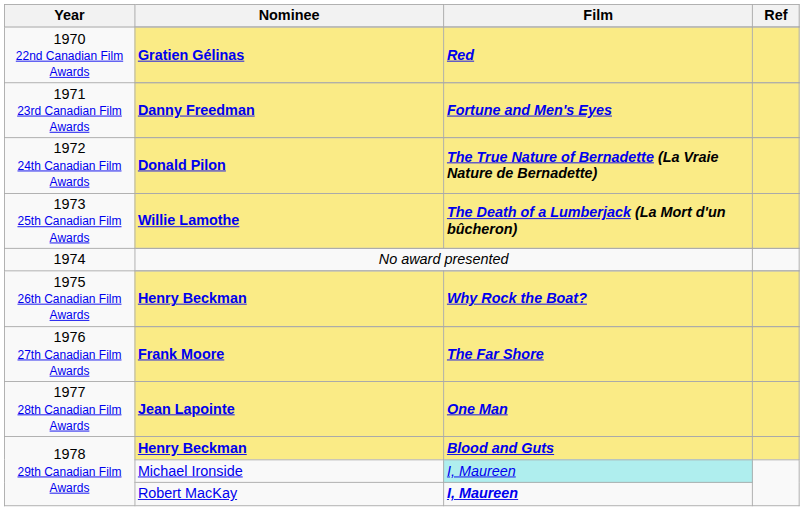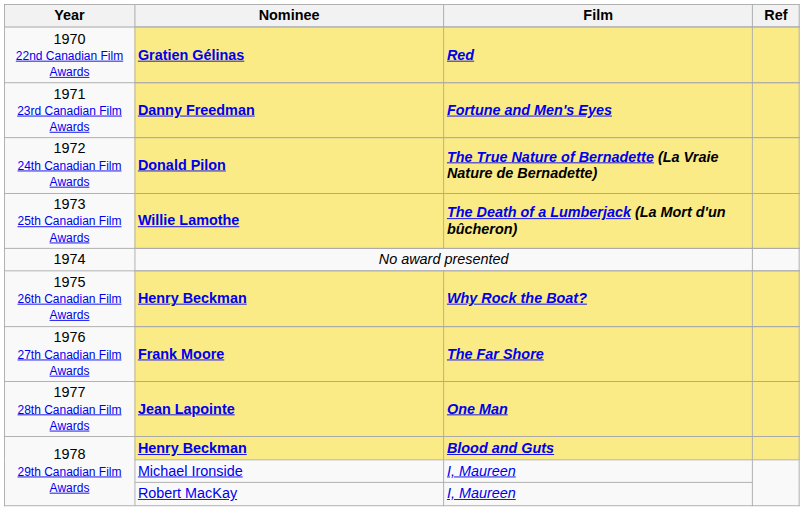 <table class="wikitable" style="width:100%;">
 <tr style="background:#bebebe;">
 <th style="width:8%;">Year</th>
 <th style="width:19%;">Nominee</th>
 <th style="width:19%;">Film</th>
 <th style="width:2%;">Ref</th>
 </tr>
 <tr>
 <td rowspan=2 align="center">1970<br><small><a href='#'>22nd Canadian Film Awards</a></small></td>
 </tr>
 <tr style="background:#FAEB86;">
 <td><strong><a href='#'>Gratien Gélinas</a></strong></td>
 <td><strong><em><a href='#'>Red</a></em></strong></td>
 <td></td>
 </tr>
 <tr>
 <td rowspan=2 align="center">1971<br><small><a href='#'>23rd Canadian Film Awards</a></small></td>
 </tr>
 <tr style="background:#FAEB86;">
 <td><strong><a href='#'>Danny Freedman</a></strong></td>
 <td><strong><em><a href='#'>Fortune and Men's Eyes</a></em></strong></td>
 <td></td>
 </tr>
 <tr>
 <td rowspan=2 align="center">1972<br><small><a href='#'>24th Canadian Film Awards</a></small></td>
 </tr>
 <tr style="background:#FAEB86;">
 <td><strong><a href='#'>Donald Pilon</a></strong></td>
 <td><strong><em><a href='#'>The True Nature of Bernadette</a> (La Vraie Nature de Bernadette)</em></strong></td>
 <td></td>
 </tr>
 <tr>
 <td rowspan=2 align="center">1973<br><small><a href='#'>25th Canadian Film Awards</a></small></td>
 </tr>
 <tr style="background:#FAEB86;">
 <td><strong><a href='#'>Willie Lamothe</a></strong></td>
 <td><strong><em><a href='#'>The Death of a Lumberjack</a> (La Mort d'un bûcheron)</em></strong></td>
 <td></td>
 </tr>
 <tr>
 <td rowspan=2 align="center">1974</td>
 </tr>
 <tr>
 <td colspan=2 align=center><em>No award presented</em></td>
 <td></td>
 </tr>
 <tr>
 <td rowspan=2 align="center">1975<br><small><a href='#'>26th Canadian Film Awards</a></small></td>
 </tr>
 <tr style="background:#FAEB86;">
 <td><strong><a href='#'>Henry Beckman</a></strong></td>
 <td><strong><em><a href='#'>Why Rock the Boat?</a></em></strong></td>
 <td></td>
 </tr>
 <tr>
 <td rowspan=2 align="center">1976<br><small><a href='#'>27th Canadian Film Awards</a></small></td>
 </tr>
 <tr style="background:#FAEB86;">
 <td><strong><a href='#'>Frank Moore</a></strong></td>
 <td><strong><em><a href='#'>The Far Shore</a></em></strong></td>
 <td></td>
 </tr>
 <tr>
 <td rowspan=2 align="center">1977<br><small><a href='#'>28th Canadian Film Awards</a></small></td>
 </tr>
 <tr style="background:#FAEB86;">
 <td><strong><a href='#'>Jean Lapointe</a></strong></td>
 <td><strong><em><a href='#'>One Man</a></em></strong></td>
 <td></td>
 </tr>
 <tr>
 <td rowspan=4 align="center">1978<br><small><a href='#'>29th Canadian Film Awards</a></small></td>
 </tr>
 <tr style="background:#FAEB86;">
 <td><strong><a href='#'>Henry Beckman</a></strong></td>
 <td><strong><em><a href='#'>Blood and Guts</a></em></strong></td>
 <td></td>
 </tr>
 <tr>
 <td><a href='#'>Michael Ironside</a></td>
-<td style="background: paleturquoise;"><em><a href='#'>I, Maureen</a></em></td>
+<td><em><a href='#'>I, Maureen</a></em></td>
 <td rowspan=2></td>
 </tr>
 <tr>
 <td><a href='#'>Robert MacKay</a></td>
-<td><strong><em><a href='#'>I, Maureen</a></em></strong></td>
+<td><em><a href='#'>I, Maureen</a></em></td>
 </tr>
 </table>
